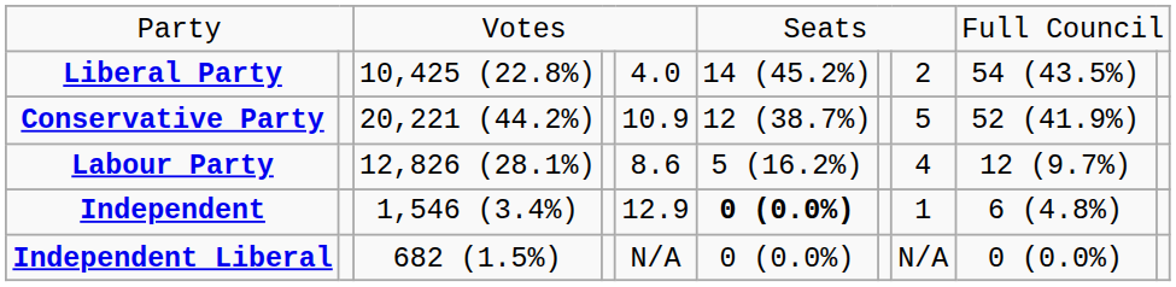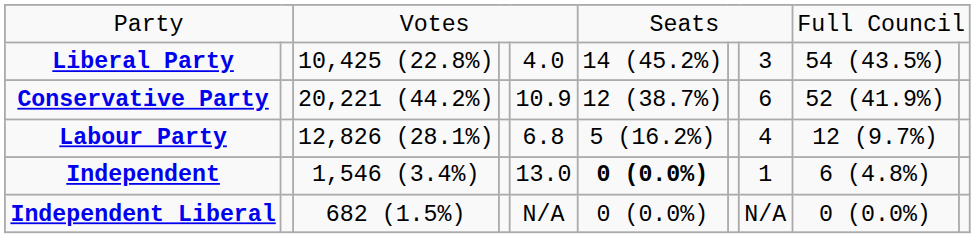 <table class=wikitable style="text-align:center;">
 <tr>
 <td colspan=2>Party</td>
 <td colspan=3>Votes</td>
 <td colspan=3>Seats</td>
 <td colspan=3>Full Council</td>
 </tr>
 <tr>
 <td><strong><a href='#'>Liberal Party</a></strong></td>
 <td style="background:"></td>
 <td>10,425 (22.8%)</td>
 <td></td>
 <td> 4.0</td>
 <td>14 (45.2%)</td>
 <td></td>
-<td> 2</td>
+<td> 3</td>
 <td>54 (43.5%)</td>
 <td></td>
 </tr>
 <tr>
 <td><strong><a href='#'>Conservative Party</a></strong></td>
 <td style="background:"></td>
 <td>20,221 (44.2%)</td>
 <td></td>
 <td> 10.9</td>
 <td>12 (38.7%)</td>
 <td></td>
-<td> 5</td>
+<td> 6</td>
 <td>52 (41.9%)</td>
 <td></td>
 </tr>
 <tr>
 <td><strong><a href='#'>Labour Party</a></strong></td>
 <td style="background:"></td>
 <td>12,826 (28.1%)</td>
 <td></td>
-<td> 8.6</td>
+<td> 6.8</td>
 <td>5 (16.2%)</td>
 <td></td>
 <td> 4</td>
 <td>12 (9.7%)</td>
 <td></td>
 </tr>
 <tr>
 <td><strong><a href='#'>Independent</a></strong></td>
 <td style="background:"></td>
 <td>1,546 (3.4%)</td>
 <td></td>
-<td> 12.9</td>
+<td> 13.0</td>
 <td><strong>0 (0.0%)</strong></td>
 <td></td>
 <td> 1</td>
 <td>6 (4.8%)</td>
 <td></td>
 </tr>
 <tr>
 <td><strong><a href='#'>Independent Liberal</a></strong></td>
 <td style="background:"></td>
 <td>682 (1.5%)</td>
 <td></td>
 <td>N/A</td>
 <td>0 (0.0%)</td>
 <td></td>
 <td>N/A</td>
 <td>0 (0.0%)</td>
 <td></td>
 </tr>
 </table>
